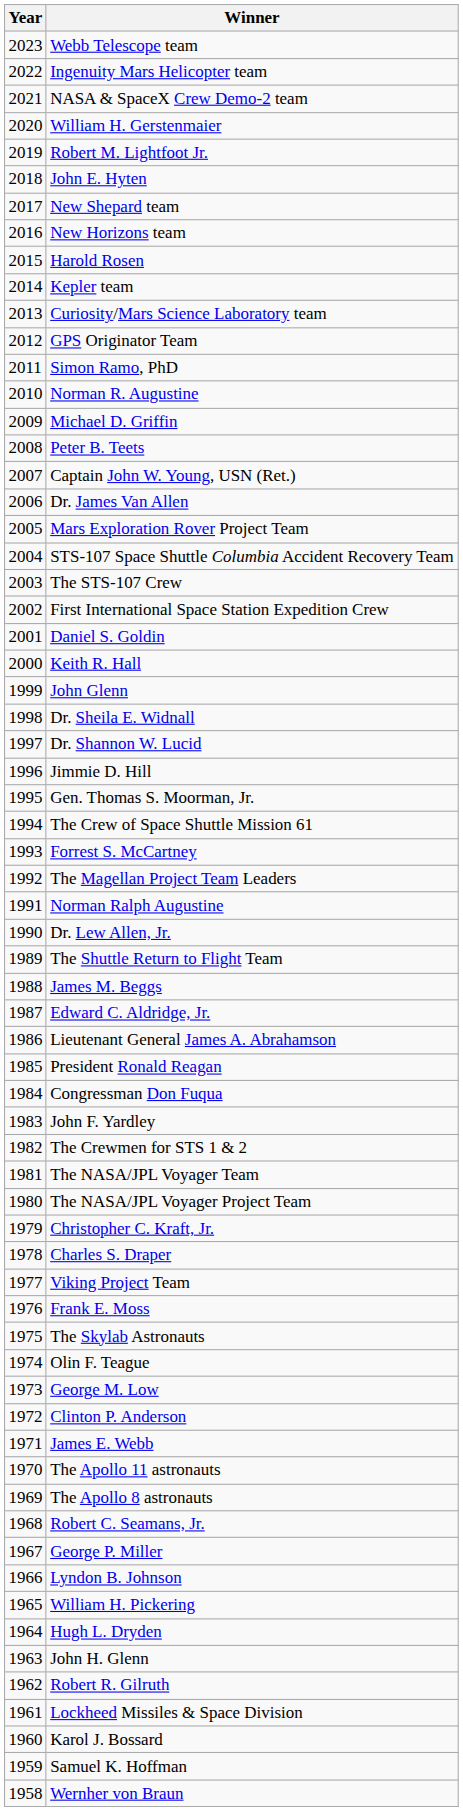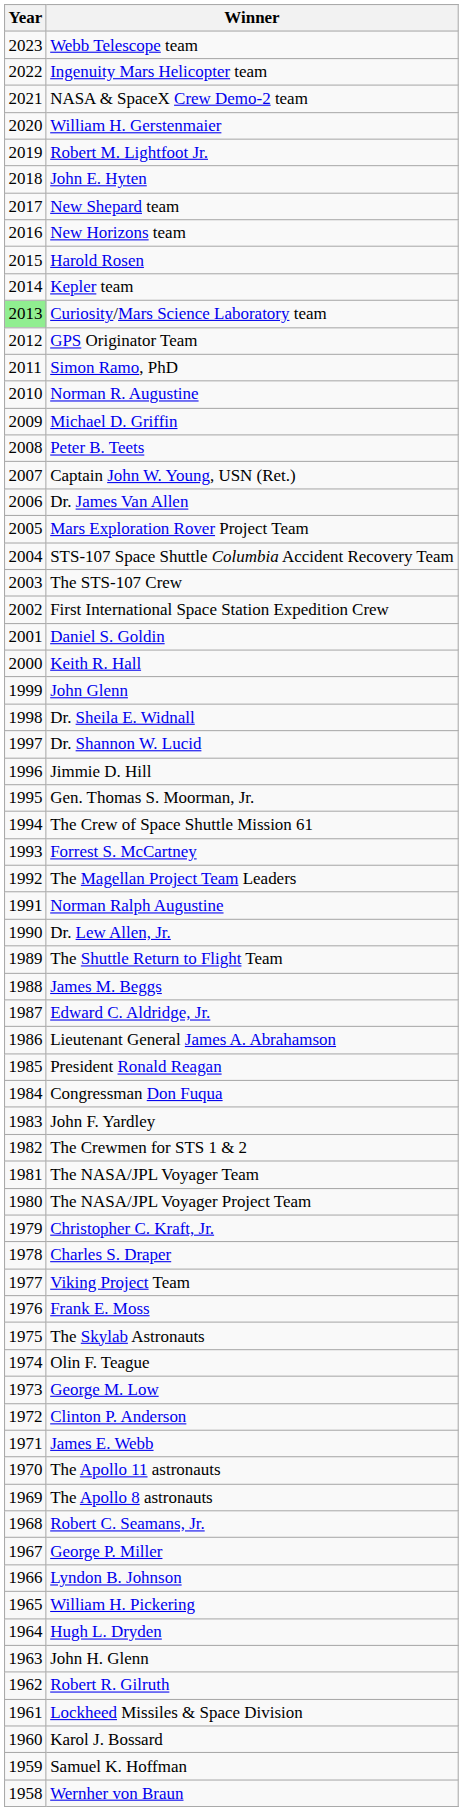 <table class="wikitable">
 <tr>
 <th>Year</th>
 <th>Winner</th>
 </tr>
 <tr>
 <td>2023</td>
 <td><a href='#'>Webb Telescope</a> team </td>
 </tr>
 <tr>
 <td>2022</td>
 <td><a href='#'>Ingenuity Mars Helicopter</a> team</td>
 </tr>
 <tr>
 <td>2021</td>
 <td>NASA & SpaceX <a href='#'>Crew Demo-2</a> team</td>
 </tr>
 <tr>
 <td>2020</td>
 <td><a href='#'>William H. Gerstenmaier</a></td>
 </tr>
 <tr>
 <td>2019</td>
 <td><a href='#'>Robert M. Lightfoot Jr.</a></td>
 </tr>
 <tr>
 <td>2018</td>
 <td><a href='#'>John E. Hyten</a></td>
 </tr>
 <tr>
 <td>2017</td>
 <td><a href='#'>New Shepard</a> team</td>
 </tr>
 <tr>
 <td>2016</td>
 <td><a href='#'>New Horizons</a> team</td>
 </tr>
 <tr>
 <td>2015</td>
 <td><a href='#'>Harold Rosen</a></td>
 </tr>
 <tr>
 <td>2014</td>
 <td><a href='#'>Kepler</a> team</td>
 </tr>
 <tr>
-<td>2013</td>
+<td style="background: lightgreen;">2013</td>
 <td><a href='#'>Curiosity</a>/<a href='#'>Mars Science Laboratory</a> team</td>
 </tr>
 <tr>
 <td>2012</td>
 <td><a href='#'>GPS</a> Originator Team</td>
 </tr>
 <tr>
 <td>2011</td>
 <td><a href='#'>Simon Ramo</a>, PhD</td>
 </tr>
 <tr>
 <td>2010</td>
 <td><a href='#'>Norman R. Augustine</a></td>
 </tr>
 <tr>
 <td>2009</td>
 <td><a href='#'>Michael D. Griffin</a></td>
 </tr>
 <tr>
 <td>2008</td>
 <td><a href='#'>Peter B. Teets</a></td>
 </tr>
 <tr>
 <td>2007</td>
 <td>Captain <a href='#'>John W. Young</a>, USN (Ret.)</td>
 </tr>
 <tr>
 <td>2006</td>
 <td>Dr. <a href='#'>James Van Allen</a></td>
 </tr>
 <tr>
 <td>2005</td>
 <td><a href='#'>Mars Exploration Rover</a> Project Team</td>
 </tr>
 <tr>
 <td>2004</td>
 <td>STS-107 Space Shuttle <em>Columbia</em> Accident Recovery Team</td>
 </tr>
 <tr>
 <td>2003</td>
 <td>The STS-107 Crew</td>
 </tr>
 <tr>
 <td>2002</td>
 <td>First International Space Station Expedition Crew</td>
 </tr>
 <tr>
 <td>2001</td>
 <td><a href='#'>Daniel S. Goldin</a></td>
 </tr>
 <tr>
 <td>2000</td>
 <td><a href='#'>Keith R. Hall</a></td>
 </tr>
 <tr>
 <td>1999</td>
 <td><a href='#'>John Glenn</a></td>
 </tr>
 <tr>
 <td>1998</td>
 <td>Dr. <a href='#'>Sheila E. Widnall</a></td>
 </tr>
 <tr>
 <td>1997</td>
 <td>Dr. <a href='#'>Shannon W. Lucid</a></td>
 </tr>
 <tr>
 <td>1996</td>
 <td>Jimmie D. Hill</td>
 </tr>
 <tr>
 <td>1995</td>
 <td>Gen. Thomas S. Moorman, Jr.</td>
 </tr>
 <tr>
 <td>1994</td>
 <td>The Crew of Space Shuttle Mission 61</td>
 </tr>
 <tr>
 <td>1993</td>
 <td><a href='#'>Forrest S. McCartney</a></td>
 </tr>
 <tr>
 <td>1992</td>
 <td>The <a href='#'>Magellan Project Team</a> Leaders</td>
 </tr>
 <tr>
 <td>1991</td>
 <td><a href='#'>Norman Ralph Augustine</a></td>
 </tr>
 <tr>
 <td>1990</td>
 <td>Dr. <a href='#'>Lew Allen,&nbsp;Jr.</a></td>
 </tr>
 <tr>
 <td>1989</td>
 <td>The <a href='#'>Shuttle Return to Flight</a> Team</td>
 </tr>
 <tr>
 <td>1988</td>
 <td><a href='#'>James M. Beggs</a></td>
 </tr>
 <tr>
 <td>1987</td>
 <td><a href='#'>Edward C. Aldridge,&nbsp;Jr.</a></td>
 </tr>
 <tr>
 <td>1986</td>
 <td>Lieutenant General <a href='#'>James A. Abrahamson</a></td>
 </tr>
 <tr>
 <td>1985</td>
 <td>President <a href='#'>Ronald Reagan</a></td>
 </tr>
 <tr>
 <td>1984</td>
 <td>Congressman <a href='#'>Don Fuqua</a></td>
 </tr>
 <tr>
 <td>1983</td>
 <td>John F. Yardley</td>
 </tr>
 <tr>
 <td>1982</td>
 <td>The Crewmen for STS 1 & 2</td>
 </tr>
 <tr>
 <td>1981</td>
 <td>The NASA/JPL Voyager Team</td>
 </tr>
 <tr>
 <td>1980</td>
 <td>The NASA/JPL Voyager Project Team</td>
 </tr>
 <tr>
 <td>1979</td>
 <td><a href='#'>Christopher C. Kraft,&nbsp;Jr.</a></td>
 </tr>
 <tr>
 <td>1978</td>
 <td><a href='#'>Charles S. Draper</a></td>
 </tr>
 <tr>
 <td>1977</td>
 <td><a href='#'>Viking Project</a> Team</td>
 </tr>
 <tr>
 <td>1976</td>
 <td><a href='#'>Frank E. Moss</a></td>
 </tr>
 <tr>
 <td>1975</td>
 <td>The <a href='#'>Skylab</a> Astronauts</td>
 </tr>
 <tr>
 <td>1974</td>
 <td>Olin F. Teague</td>
 </tr>
 <tr>
 <td>1973</td>
 <td><a href='#'>George M. Low</a></td>
 </tr>
 <tr>
 <td>1972</td>
 <td><a href='#'>Clinton P. Anderson</a></td>
 </tr>
 <tr>
 <td>1971</td>
 <td><a href='#'>James E. Webb</a></td>
 </tr>
 <tr>
 <td>1970</td>
 <td>The <a href='#'>Apollo&nbsp;11</a> astronauts</td>
 </tr>
 <tr>
 <td>1969</td>
 <td>The <a href='#'>Apollo&nbsp;8</a> astronauts</td>
 </tr>
 <tr>
 <td>1968</td>
 <td><a href='#'>Robert C. Seamans,&nbsp;Jr.</a></td>
 </tr>
 <tr>
 <td>1967</td>
 <td><a href='#'>George P. Miller</a></td>
 </tr>
 <tr>
 <td>1966</td>
 <td><a href='#'>Lyndon B. Johnson</a></td>
 </tr>
 <tr>
 <td>1965</td>
 <td><a href='#'>William H. Pickering</a></td>
 </tr>
 <tr>
 <td>1964</td>
 <td><a href='#'>Hugh L. Dryden</a></td>
 </tr>
 <tr>
 <td>1963</td>
 <td>John H. Glenn</td>
 </tr>
 <tr>
 <td>1962</td>
 <td><a href='#'>Robert R. Gilruth</a></td>
 </tr>
 <tr>
 <td>1961</td>
 <td><a href='#'>Lockheed</a> Missiles & Space Division</td>
 </tr>
 <tr>
 <td>1960</td>
 <td>Karol J. Bossard</td>
 </tr>
 <tr>
 <td>1959</td>
 <td>Samuel K. Hoffman</td>
 </tr>
 <tr>
 <td>1958</td>
 <td><a href='#'>Wernher von Braun</a></td>
 </tr>
 </table>
